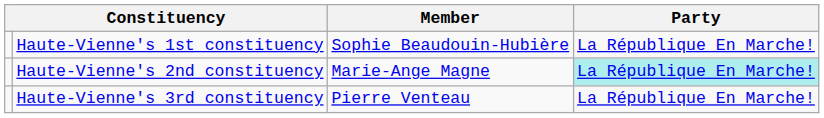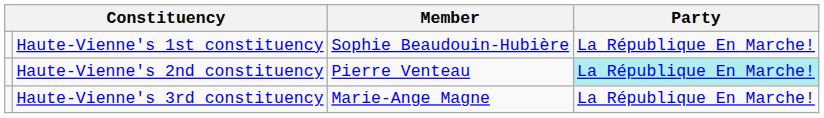 <table class="wikitable">
 <tr>
 <th colspan="2">Constituency</th>
 <th>Member</th>
 <th>Party</th>
 </tr>
 <tr>
 <td style="background-color: "></td>
 <td><a href='#'>Haute-Vienne's 1st constituency</a></td>
 <td><a href='#'>Sophie Beaudouin-Hubière</a></td>
 <td><a href='#'>La République En Marche!</a></td>
 </tr>
 <tr>
 <td style="background-color: "></td>
 <td><a href='#'>Haute-Vienne's 2nd constituency</a></td>
-<td><a href='#'>Marie-Ange Magne</a></td>
+<td><a href='#'>Pierre Venteau</a></td>
 <td style="background: paleturquoise;"><a href='#'>La République En Marche!</a></td>
 </tr>
 <tr>
 <td style="background-color: "></td>
 <td><a href='#'>Haute-Vienne's 3rd constituency</a></td>
-<td><a href='#'>Pierre Venteau</a></td>
+<td><a href='#'>Marie-Ange Magne</a></td>
 <td><a href='#'>La République En Marche!</a></td>
 </tr>
 </table>
